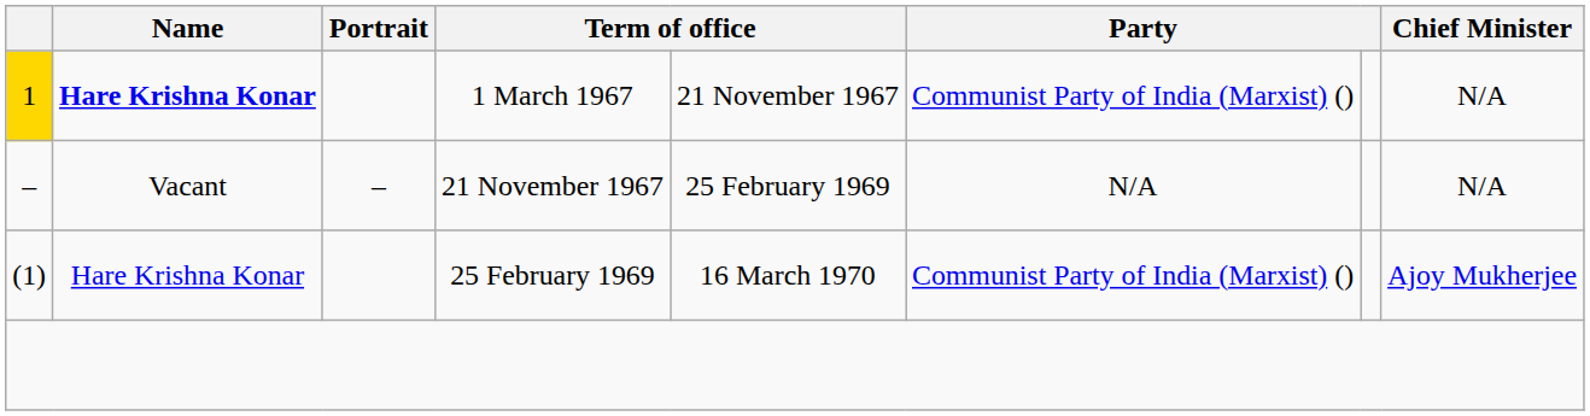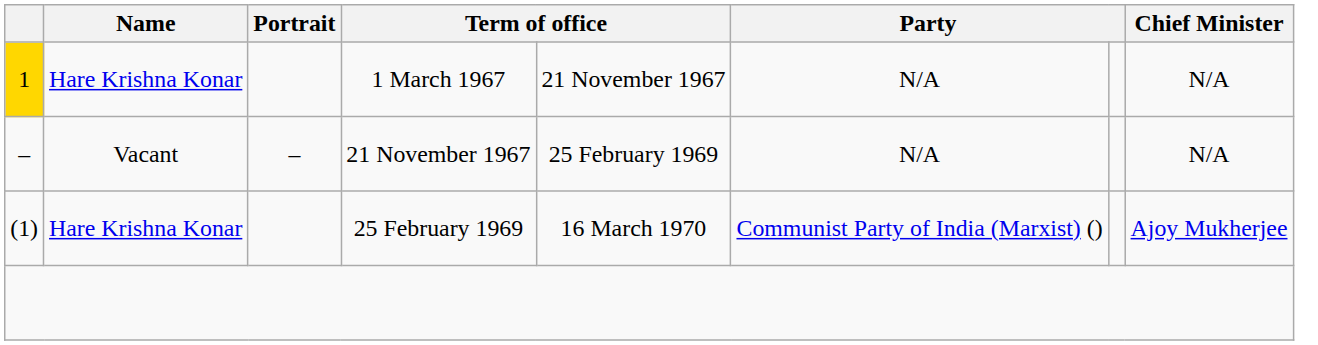 <table class="wikitable" style="text-align:center">
 <tr>
 <th></th>
 <th>Name</th>
 <th>Portrait</th>
 <th colspan=2>Term of office</th>
 <th colspan=2>Party</th>
 <th>Chief Minister</th>
 </tr>
 <tr style="height: 50px;">
 <td style="background: gold;">1</td>
-<td><strong><a href='#'>Hare Krishna Konar</a></strong></td>
+<td><a href='#'>Hare Krishna Konar</a></td>
 <td></td>
 <td>1 March 1967</td>
 <td>21 November 1967</td>
-<td rowspan=1><a href='#'>Communist Party of India (Marxist)</a> ()</td>
+<td rowspan=1>N/A</td>
 <td width="4px"></td>
 <td rowspan=1>N/A</td>
 </tr>
 <tr style="height: 50px;">
 <td>–</td>
 <td>Vacant</td>
 <td>–</td>
 <td>21 November 1967</td>
 <td>25 February 1969</td>
 <td rowspan=1>N/A</td>
 <td width="4px"></td>
 <td rowspan=1>N/A</td>
 </tr>
 <tr style="height: 50px;">
 <td>(1)</td>
 <td><a href='#'>Hare Krishna Konar</a></td>
 <td></td>
 <td>25 February 1969</td>
 <td>16 March 1970</td>
 <td rowspan=1><a href='#'>Communist Party of India (Marxist)</a> ()</td>
 <td width="4px"></td>
 <td rowspan=1><a href='#'>Ajoy Mukherjee</a></td>
 </tr>
 <tr style="height: 50px;">
 </tr>
 </table>
